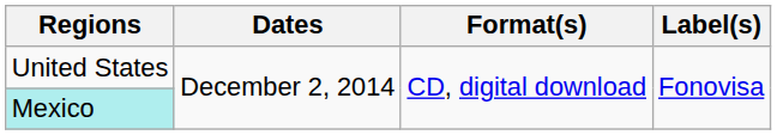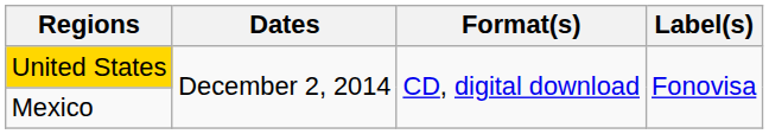 <table class="wikitable plainrowheaders">
 <tr>
 <th scope="col">Regions</th>
 <th scope="col">Dates</th>
 <th scope="col">Format(s)</th>
 <th scope="col">Label(s)</th>
 </tr>
 <tr>
-<td>United States</td>
+<td style="background: gold;">United States</td>
 <td rowspan=2>December 2, 2014</td>
 <td rowspan=2><a href='#'>CD</a>, <a href='#'>digital download</a></td>
 <td rowspan=2><a href='#'>Fonovisa</a></td>
 </tr>
 <tr>
-<td style="background: paleturquoise;">Mexico</td>
+<td>Mexico</td>
 </tr>
 </table>
